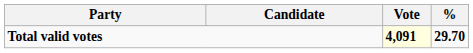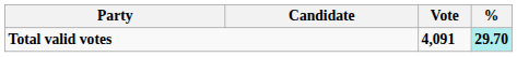 <table class="wikitable">
 <tr>
 <th bgcolor="#DDDDFF" width="230px" colspan="2">Party</th>
 <th bgcolor="#DDDDFF" width="200px">Candidate</th>
 <th bgcolor="#DDDDFF" width="50px">Vote</th>
 <th bgcolor="#DDDDFF" width="30px">%<br> </th>
 </tr>
 <tr>
 <td colspan="3"><strong>Total valid votes</strong></td>
-<td style="background: lightyellow;"><strong>4,091</strong></td>
-<td><strong>29.70</strong></td>
+<td><strong>4,091</strong></td>
+<td style="background: paleturquoise;"><strong>29.70</strong></td>
 </tr>
 </table>
